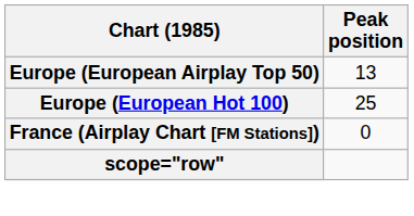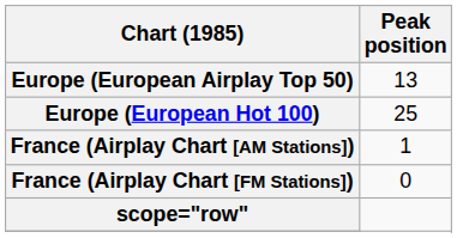 <table class="wikitable sortable plainrowheaders">
 <tr>
 <th>Chart (1985)</th>
 <th>Peak<br>position</th>
 </tr>
 <tr>
 <th scope="row">Europe (European Airplay Top 50)</th>
 <td align="center">13</td>
 </tr>
 <tr>
 <th scope="row">Europe (<a href='#'>European Hot 100</a>)</th>
 <td align="center">25</td>
 </tr>
 <tr>
+<th scope="row">France (Airplay Chart <small>[AM Stations]</small>)</th>
+<td align="center">1</td>
+</tr>
+<tr>
 <th scope="row">France (Airplay Chart <small>[FM Stations]</small>)</th>
 <td align="center">0</td>
 </tr>
 <tr>
 <th>scope="row"</th>
 </tr>
 <tr>
 </tr>
 </table>
